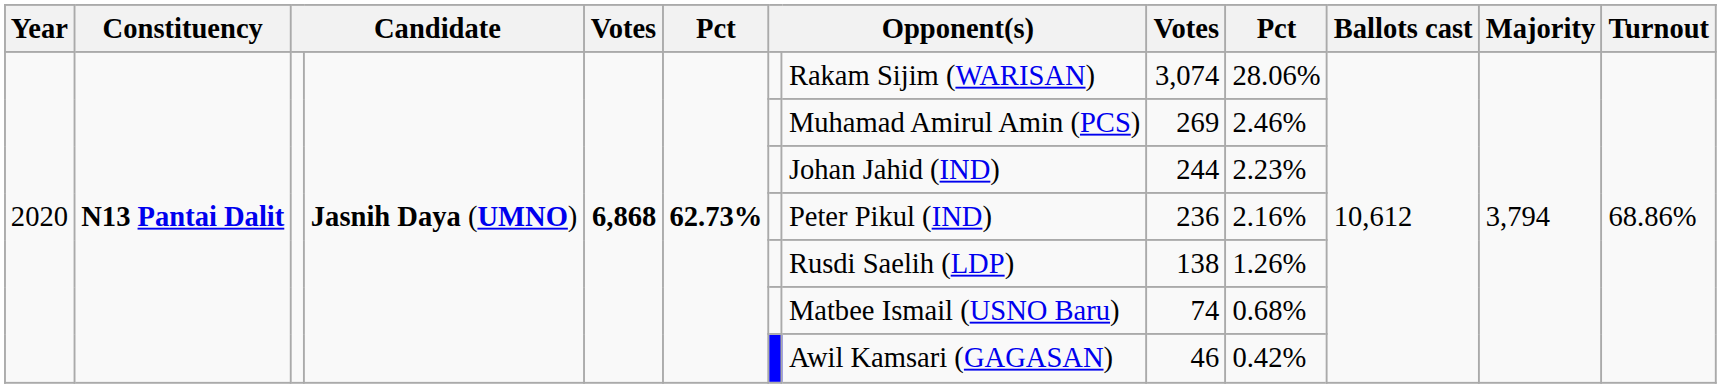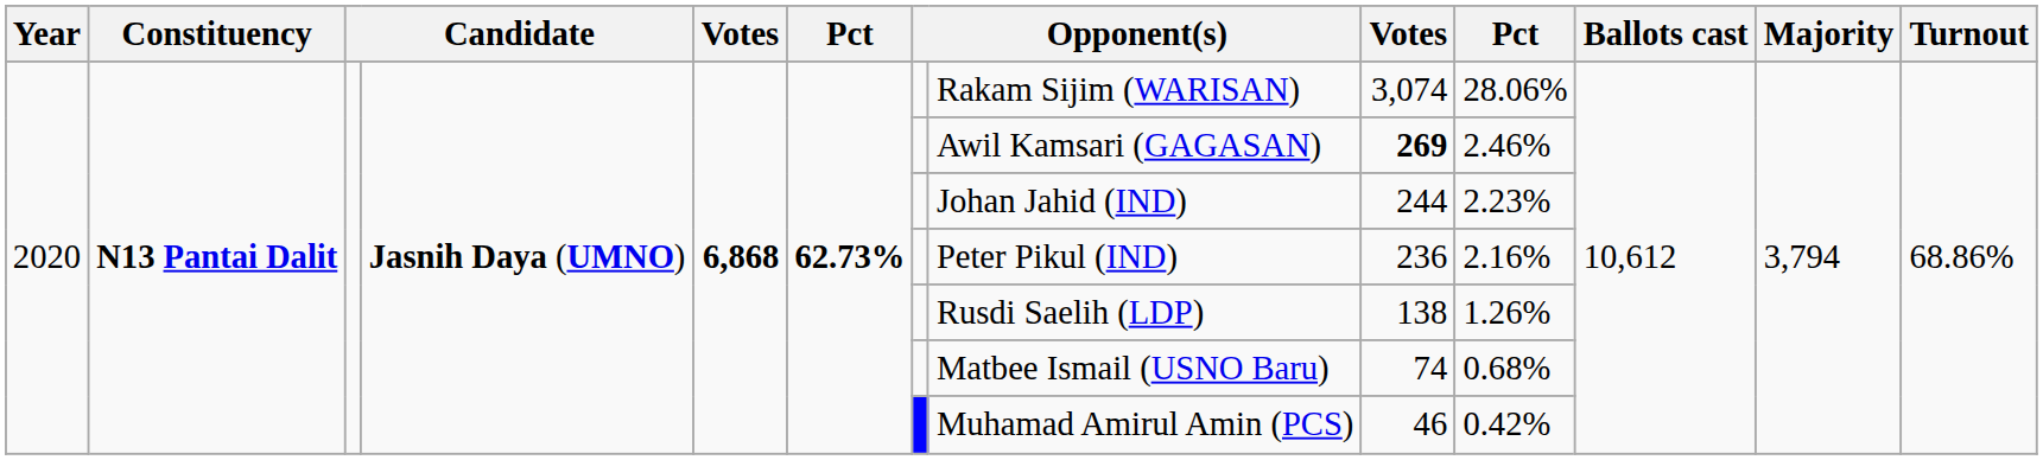 <table class="wikitable" style="margin:0.5em ; font-size:95%">
 <tr>
 <th>Year</th>
 <th>Constituency</th>
 <th colspan=2>Candidate</th>
 <th>Votes</th>
 <th>Pct</th>
 <th colspan=2>Opponent(s)</th>
 <th>Votes</th>
 <th>Pct</th>
 <th>Ballots cast</th>
 <th>Majority</th>
 <th>Turnout</th>
 </tr>
 <tr>
 <td rowspan=7>2020</td>
 <td rowspan=7><strong>N13 <a href='#'>Pantai Dalit</a></strong></td>
 <td rowspan=7 ></td>
 <td rowspan=7><strong>Jasnih Daya</strong> (<a href='#'><strong>UMNO</strong></a>)</td>
 <td rowspan=7 align="right"><strong>6,868</strong></td>
 <td rowspan=7><strong>62.73%</strong></td>
 <td></td>
 <td>Rakam Sijim (<a href='#'>WARISAN</a>)</td>
 <td align="right">3,074</td>
 <td>28.06%</td>
 <td rowspan=7>10,612</td>
 <td rowspan=7>3,794</td>
 <td rowspan=7>68.86%</td>
 </tr>
 <tr>
 <td></td>
-<td>Muhamad Amirul Amin (<a href='#'>PCS</a>)</td>
-<td align="right">269</td>
+<td>Awil Kamsari (<a href='#'>GAGASAN</a>)</td>
+<td align="right"><strong>269</strong></td>
 <td>2.46%</td>
 </tr>
 <tr>
 <td></td>
 <td>Johan Jahid (<a href='#'>IND</a>)</td>
 <td align="right">244</td>
 <td>2.23%</td>
 </tr>
 <tr>
 <td></td>
 <td>Peter Pikul (<a href='#'>IND</a>)</td>
 <td align="right">236</td>
 <td>2.16%</td>
 </tr>
 <tr>
 <td></td>
 <td>Rusdi Saelih (<a href='#'>LDP</a>)</td>
 <td align="right">138</td>
 <td>1.26%</td>
 </tr>
 <tr>
 <td bgcolor=></td>
 <td>Matbee Ismail (<a href='#'>USNO Baru</a>)</td>
 <td align="right">74</td>
 <td>0.68%</td>
 </tr>
 <tr>
 <td bgcolor=blue></td>
-<td>Awil Kamsari (<a href='#'>GAGASAN</a>)</td>
+<td>Muhamad Amirul Amin (<a href='#'>PCS</a>)</td>
 <td align="right">46</td>
 <td>0.42%</td>
 </tr>
 </table>
